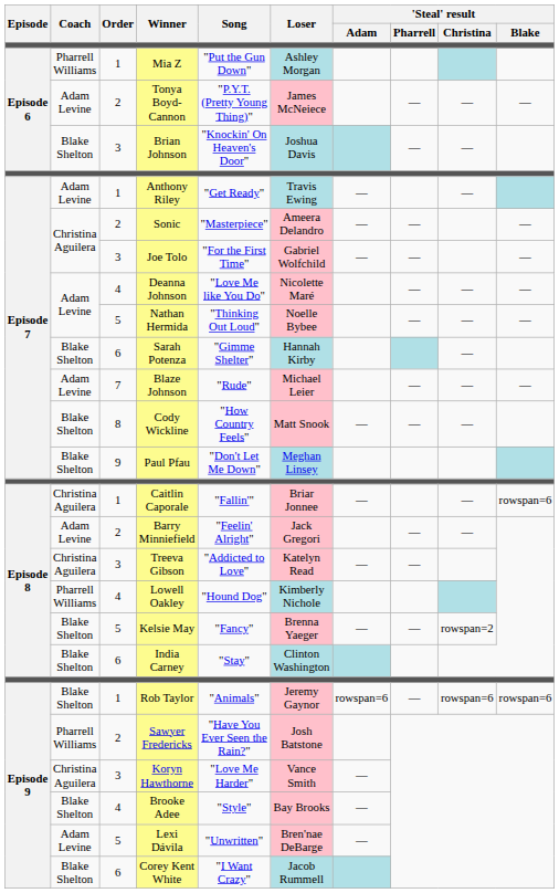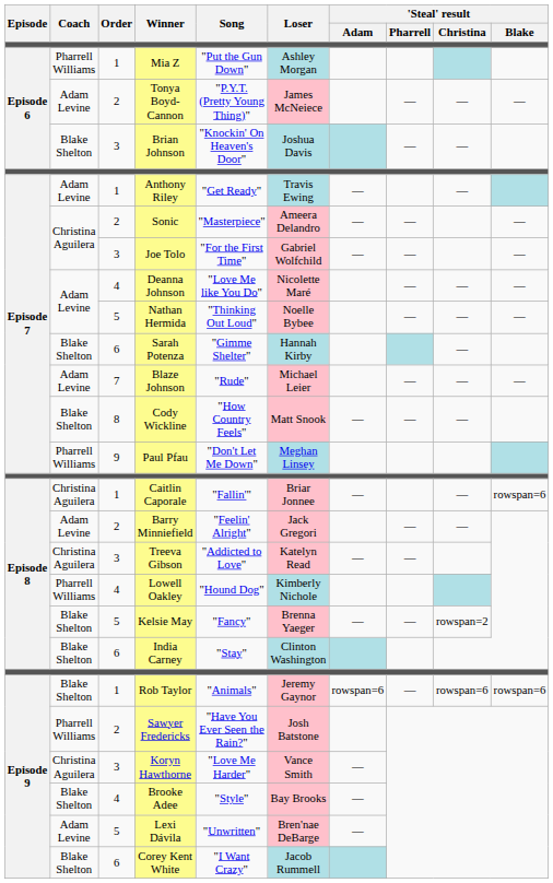 <table class="wikitable" style="text-align: center; width:100%;">
 <tr>
 <th rowspan="2" style="width:15%;">Episode</th>
 <th rowspan="2" style="width:15%;">Coach</th>
 <th rowspan="2" style="width:05%;">Order</th>
 <th rowspan="2" style="width:20%;">Winner</th>
 <th rowspan="2" style="width:20%;">Song</th>
 <th rowspan="2" style="width:20%;">Loser</th>
 <th colspan="4" style="width:20%;">'Steal' result</th>
 </tr>
 <tr>
 <th style="width:05%;">Adam</th>
 <th style="width:05%;">Pharrell</th>
 <th style="width:05%;">Christina</th>
 <th style="width:05%;">Blake</th>
 </tr>
 <tr>
 <td colspan="10" style="background:#555;"></td>
 </tr>
 <tr>
 <th rowspan="3">Episode 6<br><small></small></th>
 <td>Pharrell Williams</td>
 <td>1</td>
 <td style="background:#fdfc8f">Mia Z</td>
 <td>"<a href='#'>Put the Gun Down</a>"</td>
 <td style="background:#b0e0e6">Ashley Morgan</td>
 <td><strong></strong></td>
 <td></td>
 <td style="background:#B0E0E6;"><strong></strong></td>
 <td><strong></strong></td>
 </tr>
 <tr>
 <td>Adam Levine</td>
 <td>2</td>
 <td style="background:#fdfc8f;">Tonya Boyd-Cannon</td>
 <td>"<a href='#'>P.Y.T. (Pretty Young Thing)</a>"</td>
 <td style="background:pink;">James McNeiece</td>
 <td></td>
 <td>—</td>
 <td>—</td>
 <td>—</td>
 </tr>
 <tr>
 <td>Blake Shelton</td>
 <td>3</td>
 <td style="background:#fdfc8f;">Brian Johnson</td>
 <td>"<a href='#'>Knockin' On Heaven's Door</a>"</td>
 <td style="background:#b0e0e6;">Joshua Davis</td>
 <td style="background:#B0E0E6"><strong></strong></td>
 <td>—</td>
 <td>—</td>
 <td></td>
 </tr>
 <tr>
 <td colspan="10" style="background:#555;"></td>
 </tr>
 <tr>
 <th rowspan="9">Episode 7<br><small></small></th>
 <td>Adam Levine</td>
 <td>1</td>
 <td style="background:#fdfc8f">Anthony Riley</td>
 <td>"<a href='#'>Get Ready</a>"</td>
 <td style="background:#b0e0e6;">Travis Ewing</td>
 <td>—</td>
 <td></td>
 <td>—</td>
 <td style="background:#B0E0E6;"><strong></strong></td>
 </tr>
 <tr>
 <td rowspan="2">Christina Aguilera</td>
 <td>2</td>
 <td style="background:#fdfc8f;">Sonic</td>
 <td>"<a href='#'>Masterpiece</a>"</td>
 <td style="background:pink;">Ameera Delandro</td>
 <td>—</td>
 <td>—</td>
 <td></td>
 <td>—</td>
 </tr>
 <tr>
 <td>3</td>
 <td style="background:#fdfc8f;">Joe Tolo</td>
 <td>"<a href='#'>For the First Time</a>"</td>
 <td style="background:pink;">Gabriel Wolfchild</td>
 <td>—</td>
 <td>—</td>
 <td></td>
 <td>—</td>
 </tr>
 <tr>
 <td rowspan="2">Adam Levine</td>
 <td>4</td>
 <td style="background:#fdfc8f;">Deanna Johnson</td>
 <td>"<a href='#'>Love Me like You Do</a>"</td>
 <td style="background:pink;">Nicolette Maré</td>
 <td></td>
 <td>—</td>
 <td>—</td>
 <td>—</td>
 </tr>
 <tr>
 <td>5</td>
 <td style="background:#fdfc8f;">Nathan Hermida</td>
 <td>"<a href='#'>Thinking Out Loud</a>"</td>
 <td style="background:pink;">Noelle Bybee</td>
 <td></td>
 <td>—</td>
 <td>—</td>
 <td>—</td>
 </tr>
 <tr>
 <td>Blake Shelton</td>
 <td>6</td>
 <td style="background:#fdfc8f;">Sarah Potenza</td>
 <td>"<a href='#'>Gimme Shelter</a>"</td>
 <td style="background:#B0E0E6;">Hannah Kirby</td>
 <td><strong></strong></td>
 <td style="background:#B0E0E6;"><strong></strong></td>
 <td>—</td>
 <td></td>
 </tr>
 <tr>
 <td>Adam Levine</td>
 <td>7</td>
 <td style="background:#fdfc8f;">Blaze Johnson</td>
 <td>"<a href='#'>Rude</a>"</td>
 <td style="background:pink;">Michael Leier</td>
 <td></td>
 <td>—</td>
 <td>—</td>
 <td>—</td>
 </tr>
 <tr>
 <td>Blake Shelton</td>
 <td>8</td>
 <td style="background:#fdfc8f;">Cody Wickline</td>
 <td>"<a href='#'>How Country Feels</a>"</td>
 <td style="background:pink;">Matt Snook</td>
 <td>—</td>
 <td>—</td>
 <td>—</td>
 <td></td>
 </tr>
 <tr>
-<td>Blake Shelton</td>
+<td>Pharrell Williams</td>
 <td>9</td>
 <td style="background:#fdfc8f">Paul Pfau</td>
 <td>"<a href='#'>Don't Let Me Down</a>"</td>
 <td style="background:#B0E0E6;"><a href='#'>Meghan Linsey</a></td>
 <td><strong></strong></td>
 <td></td>
 <td><strong></strong></td>
 <td style="background:#B0E0E6;"><strong></strong></td>
 </tr>
 <tr>
 <td colspan="10" style="background:#555;"></td>
 </tr>
 <tr>
 <th rowspan="6">Episode 8<br><small></small></th>
 <td>Christina Aguilera</td>
 <td>1</td>
 <td style="background:#fdfc8f">Caitlin Caporale</td>
 <td>"<a href='#'>Fallin'</a>"</td>
 <td style="background:pink;">Briar Jonnee</td>
 <td>—</td>
 <td></td>
 <td>—</td>
 <td>rowspan=6 </td>
 </tr>
 <tr>
 <td>Adam Levine</td>
 <td>2</td>
 <td style="background:#fdfc8f;">Barry Minniefield</td>
 <td>"<a href='#'>Feelin' Alright</a>"</td>
 <td style="background:pink;">Jack Gregori</td>
 <td></td>
 <td>—</td>
 <td>—</td>
 </tr>
 <tr>
 <td>Christina Aguilera</td>
 <td>3</td>
 <td style="background:#fdfc8f;">Treeva Gibson</td>
 <td>"<a href='#'>Addicted to Love</a>"</td>
 <td style="background:pink;">Katelyn Read</td>
 <td>—</td>
 <td>—</td>
 <td></td>
 </tr>
 <tr>
 <td>Pharrell Williams</td>
 <td>4</td>
 <td style="background:#fdfc8f">Lowell Oakley</td>
 <td>"<a href='#'>Hound Dog</a>"</td>
 <td style="background:#B0E0E6;">Kimberly Nichole</td>
 <td><strong></strong></td>
 <td></td>
 <td style="background:#B0E0E6"><strong></strong></td>
 </tr>
 <tr>
 <td>Blake Shelton</td>
 <td>5</td>
 <td style="background:#fdfc8f;">Kelsie May</td>
 <td>"<a href='#'>Fancy</a>"</td>
 <td style="background:pink;">Brenna Yaeger</td>
 <td>—</td>
 <td>—</td>
 <td>rowspan=2 </td>
 </tr>
 <tr>
 <td>Blake Shelton</td>
 <td>6</td>
 <td style="background:#fdfc8f;">India Carney</td>
 <td>"<a href='#'>Stay</a>"</td>
 <td style="background:#B0E0E6;">Clinton Washington</td>
 <td style="background:#B0E0E6;"><strong></strong></td>
 <td><strong></strong></td>
 </tr>
 <tr>
 <td colspan="10" style="background:#555;"></td>
 </tr>
 <tr>
 <th rowspan="6">Episode 9<br><small></small></th>
 <td>Blake Shelton</td>
 <td>1</td>
 <td style="background:#fdfc8f;">Rob Taylor</td>
 <td>"<a href='#'>Animals</a>"</td>
 <td style="background:pink;">Jeremy Gaynor</td>
 <td>rowspan=6 </td>
 <td>—</td>
 <td>rowspan=6 </td>
 <td>rowspan=6 </td>
 </tr>
 <tr>
 <td>Pharrell Williams</td>
 <td>2</td>
 <td style="background:#fdfc8f;"><a href='#'>Sawyer Fredericks</a></td>
 <td>"<a href='#'>Have You Ever Seen the Rain?</a>"</td>
 <td style="background:pink;">Josh Batstone</td>
 <td></td>
 </tr>
 <tr>
 <td>Christina Aguilera</td>
 <td>3</td>
 <td style="background:#fdfc8f;"><a href='#'>Koryn Hawthorne</a></td>
 <td>"<a href='#'>Love Me Harder</a>"</td>
 <td style="background:pink;">Vance Smith</td>
 <td>—</td>
 </tr>
 <tr>
 <td>Blake Shelton</td>
 <td>4</td>
 <td style="background:#fdfc8f;">Brooke Adee</td>
 <td>"<a href='#'>Style</a>"</td>
 <td style="background:pink;">Bay Brooks</td>
 <td>—</td>
 </tr>
 <tr>
 <td>Adam Levine</td>
 <td>5</td>
 <td style="background:#fdfc8f;">Lexi Dávila</td>
 <td>"<a href='#'>Unwritten</a>"</td>
 <td style="background:pink;">Bren'nae DeBarge</td>
 <td>—</td>
 </tr>
 <tr>
 <td>Blake Shelton</td>
 <td>6</td>
 <td style="background:#fdfc8f;">Corey Kent White</td>
 <td>"<a href='#'>I Want Crazy</a>"</td>
 <td style="background:#B0E0E6;">Jacob Rummell</td>
 <td style="background:#B0E0E6;"><strong></strong></td>
 </tr>
 </table>
